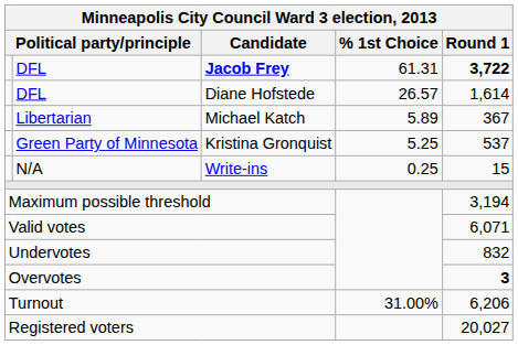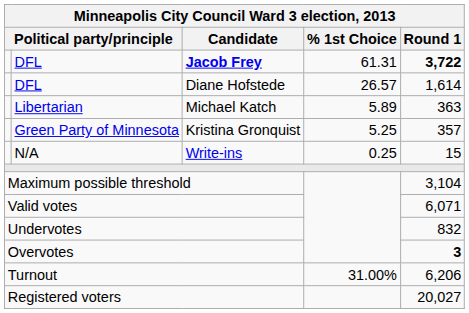 <table class="wikitable" style="font-size:95%">
 <tr>
 <th colspan="5">Minneapolis City Council Ward 3 election, 2013</th>
 </tr>
 <tr>
 <th colspan="2">Political party/principle</th>
 <th>Candidate</th>
 <th>% 1st Choice</th>
 <th>Round 1</th>
 </tr>
 <tr>
 <td style="background-color:"></td>
 <td><a href='#'>DFL</a></td>
 <td><strong><a href='#'>Jacob Frey</a></strong></td>
 <td align="right">61.31</td>
 <td align="right"><strong>3,722</strong></td>
 </tr>
 <tr>
 <td style="background-color:"></td>
 <td><a href='#'>DFL</a></td>
 <td>Diane Hofstede</td>
 <td align="right">26.57</td>
 <td align="right">1,614</td>
 </tr>
 <tr>
 <td style="background-color:"></td>
 <td><a href='#'>Libertarian</a></td>
 <td>Michael Katch</td>
 <td align="right">5.89</td>
-<td align="right">367</td>
+<td align="right">363</td>
 </tr>
 <tr>
 <td style="background-color:"></td>
 <td><a href='#'>Green Party of Minnesota</a></td>
 <td>Kristina Gronquist</td>
 <td align="right">5.25</td>
-<td align="right">537</td>
+<td align="right">357</td>
 </tr>
 <tr>
 <td style="background-color:"></td>
 <td>N/A</td>
 <td><a href='#'>Write-ins</a></td>
 <td align="right">0.25</td>
 <td align="right">15</td>
 </tr>
 <tr>
 <td colspan="5" style="background: #E9E9E9"></td>
 </tr>
 <tr>
 <td colspan="3">Maximum possible threshold</td>
 <td rowspan="4"></td>
-<td align="right">3,194</td>
+<td align="right">3,104</td>
 </tr>
 <tr>
 <td colspan="3">Valid votes</td>
 <td align="right">6,071</td>
 </tr>
 <tr>
 <td colspan="3">Undervotes</td>
 <td align="right">832</td>
 </tr>
 <tr>
 <td colspan="3">Overvotes</td>
 <td align="right"><strong>3</strong></td>
 </tr>
 <tr>
 <td colspan="3">Turnout</td>
 <td align="right">31.00%</td>
 <td align="right">6,206</td>
 </tr>
 <tr>
 <td colspan="3">Registered voters</td>
 <td></td>
 <td align="right">20,027</td>
 </tr>
 </table>
